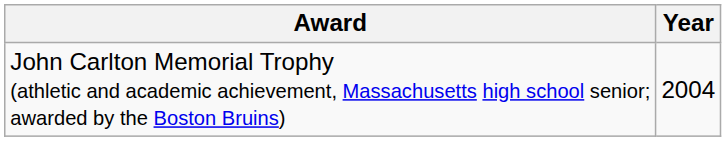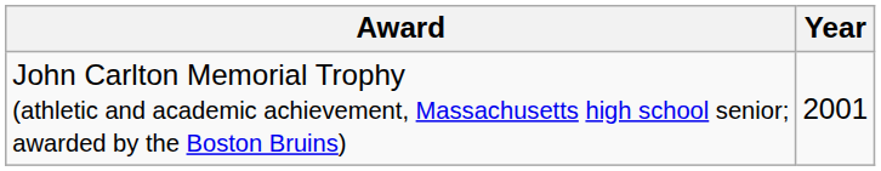 <table class="wikitable" border="1">
 <tr>
 <th>Award</th>
 <th>Year</th>
 </tr>
 <tr>
 <td>John Carlton Memorial Trophy<br> <small>(athletic and academic achievement, <a href='#'>Massachusetts</a> <a href='#'>high school</a> senior;<br> awarded by the <a href='#'>Boston Bruins</a>)</small></td>
-<td>2004</td>
+<td>2001</td>
 </tr>
 </table>
